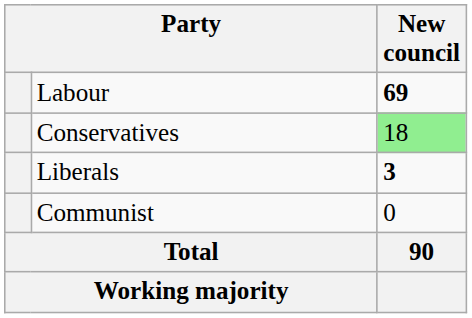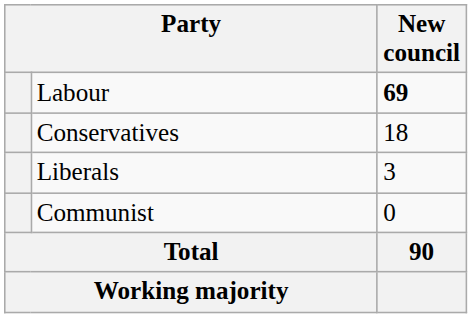 <table class="wikitable">
 <tr>
 <th valign=top colspan="2" style="width: 230px">Party</th>
 <th valign=top style="width: 30px">New council</th>
 </tr>
 <tr>
 <th style="background-color: "></th>
 <td>Labour</td>
 <td><strong>69</strong></td>
 </tr>
 <tr>
 <th style="background-color: "></th>
 <td>Conservatives</td>
-<td style="background: lightgreen;">18</td>
+<td>18</td>
 </tr>
 <tr>
 <th style="background-color: "></th>
 <td>Liberals</td>
-<td><strong>3</strong></td>
+<td>3</td>
 </tr>
 <tr>
 <th style="background-color: "></th>
 <td>Communist</td>
 <td>0</td>
 </tr>
 <tr>
 <th colspan=2>Total</th>
 <th style="text-align: center">90</th>
 </tr>
 <tr>
 <th colspan=2>Working majority</th>
 <th></th>
 </tr>
 </table>
